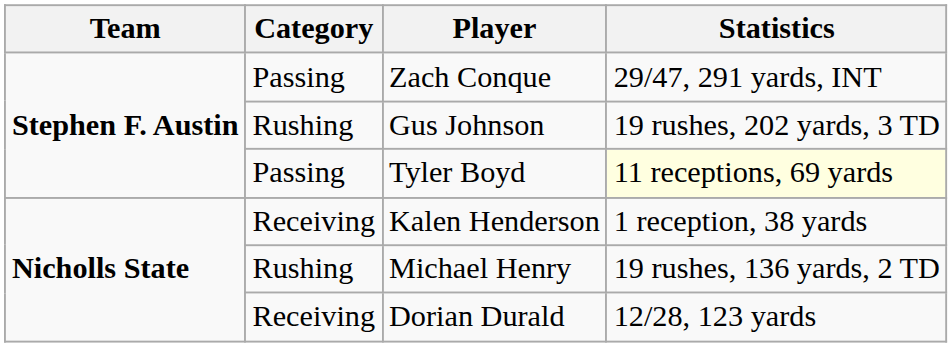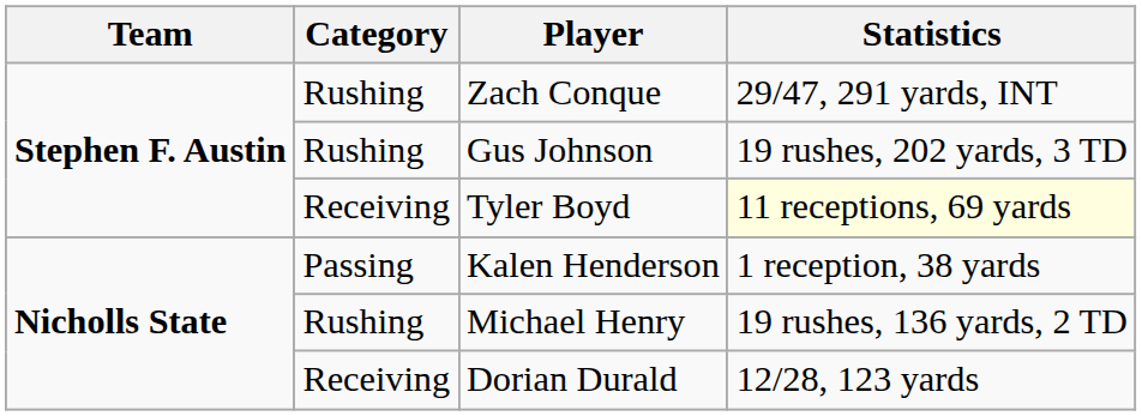 <table class="wikitable" style="float: left;">
 <tr>
 <th>Team</th>
 <th>Category</th>
 <th>Player</th>
 <th>Statistics</th>
 </tr>
 <tr>
 <td rowspan=3><strong>Stephen F. Austin</strong></td>
-<td>Passing</td>
+<td>Rushing</td>
 <td>Zach Conque</td>
 <td>29/47, 291 yards, INT</td>
 </tr>
 <tr>
 <td>Rushing</td>
 <td>Gus Johnson</td>
 <td>19 rushes, 202 yards, 3 TD</td>
 </tr>
 <tr>
-<td>Passing</td>
+<td>Receiving</td>
 <td>Tyler Boyd</td>
 <td style="background: lightyellow;">11 receptions, 69 yards</td>
 </tr>
 <tr>
 <td rowspan=3><strong>Nicholls State</strong></td>
-<td>Receiving</td>
+<td>Passing</td>
 <td>Kalen Henderson</td>
 <td>1 reception, 38 yards</td>
 </tr>
 <tr>
 <td>Rushing</td>
 <td>Michael Henry</td>
 <td>19 rushes, 136 yards, 2 TD</td>
 </tr>
 <tr>
 <td>Receiving</td>
 <td>Dorian Durald</td>
 <td>12/28, 123 yards</td>
 </tr>
 </table>
